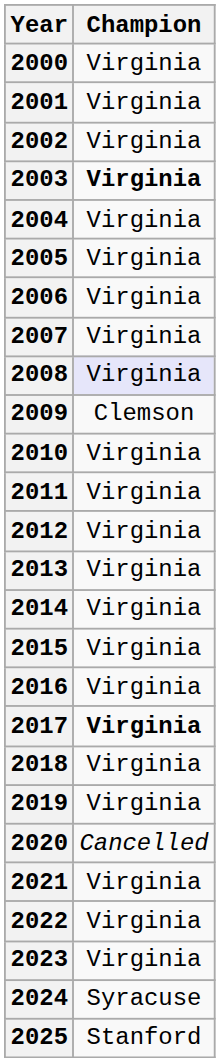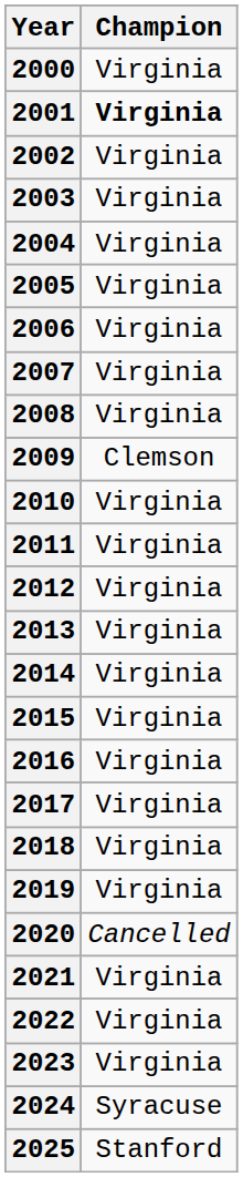 <table class="wikitable" style="text-align: center;">
 <tr>
 <th>Year</th>
 <th>Champion</th>
 </tr>
 <tr>
 <th>2000</th>
 <td>Virginia</td>
 </tr>
 <tr>
 <th>2001</th>
-<td>Virginia</td>
+<td><strong>Virginia</strong></td>
 </tr>
 <tr>
 <th>2002</th>
 <td>Virginia</td>
 </tr>
 <tr>
 <th>2003</th>
-<td><strong>Virginia</strong></td>
+<td>Virginia</td>
 </tr>
 <tr>
 <th>2004</th>
 <td>Virginia</td>
 </tr>
 <tr>
 <th>2005</th>
 <td>Virginia</td>
 </tr>
 <tr>
 <th>2006</th>
 <td>Virginia</td>
 </tr>
 <tr>
 <th>2007</th>
 <td>Virginia</td>
 </tr>
 <tr>
 <th>2008</th>
-<td style="background: lavender;">Virginia</td>
+<td>Virginia</td>
 </tr>
 <tr>
 <th>2009</th>
 <td>Clemson</td>
 </tr>
 <tr>
 <th>2010</th>
 <td>Virginia</td>
 </tr>
 <tr>
 <th>2011</th>
 <td>Virginia</td>
 </tr>
 <tr>
 <th>2012</th>
 <td>Virginia</td>
 </tr>
 <tr>
 <th>2013</th>
 <td>Virginia</td>
 </tr>
 <tr>
 <th>2014</th>
 <td>Virginia</td>
 </tr>
 <tr>
 <th>2015</th>
 <td>Virginia</td>
 </tr>
 <tr>
 <th>2016</th>
 <td>Virginia</td>
 </tr>
 <tr>
 <th>2017</th>
-<td><strong>Virginia</strong></td>
+<td>Virginia</td>
 </tr>
 <tr>
 <th>2018</th>
 <td>Virginia</td>
 </tr>
 <tr>
 <th>2019</th>
 <td>Virginia</td>
 </tr>
 <tr>
 <th>2020</th>
 <td><em>Cancelled</em></td>
 </tr>
 <tr>
 <th>2021</th>
 <td>Virginia</td>
 </tr>
 <tr>
 <th>2022</th>
 <td>Virginia</td>
 </tr>
 <tr>
 <th>2023</th>
 <td>Virginia</td>
 </tr>
 <tr>
 <th>2024</th>
 <td>Syracuse</td>
 </tr>
 <tr>
 <th>2025</th>
 <td>Stanford</td>
 </tr>
 </table>
